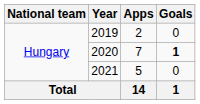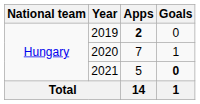 <table class="wikitable" style="text-align:center">
 <tr>
 <th>National team</th>
 <th>Year</th>
 <th>Apps</th>
 <th>Goals</th>
 </tr>
 <tr>
 <td rowspan="3"><a href='#'>Hungary</a></td>
 <td>2019</td>
-<td>2</td>
+<td><strong>2</strong></td>
 <td>0</td>
 </tr>
 <tr>
 <td>2020</td>
 <td>7</td>
-<td><strong>1</strong></td>
+<td>1</td>
 </tr>
 <tr>
 <td>2021</td>
 <td>5</td>
-<td>0</td>
+<td><strong>0</strong></td>
 </tr>
 <tr>
 <th colspan="2">Total</th>
 <th>14</th>
 <th>1</th>
 </tr>
 </table>
